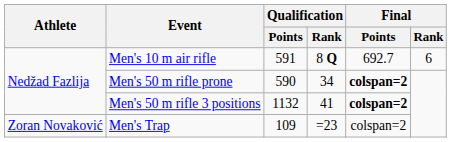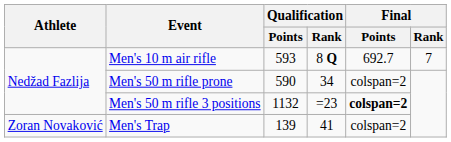 <table class="wikitable" style="font-size:90%">
 <tr>
 <th rowspan="2">Athlete</th>
 <th rowspan="2">Event</th>
 <th colspan=2>Qualification</th>
 <th colspan=2>Final</th>
 </tr>
 <tr style="font-size:95%">
 <th>Points</th>
 <th>Rank</th>
 <th>Points</th>
 <th>Rank</th>
 </tr>
 <tr align=center>
 <td align=left rowspan=3><a href='#'>Nedžad Fazlija</a></td>
 <td align=left><a href='#'>Men's 10 m air rifle</a></td>
-<td>591</td>
+<td>593</td>
 <td>8 <strong>Q</strong></td>
 <td>692.7</td>
-<td>6</td>
+<td>7</td>
 </tr>
 <tr align=center>
 <td align=left><a href='#'>Men's 50 m rifle prone</a></td>
 <td>590</td>
 <td>34</td>
-<td><strong>colspan=2 </strong></td>
+<td>colspan=2 </td>
 </tr>
 <tr align=center>
 <td align=left><a href='#'>Men's 50 m rifle 3 positions</a></td>
 <td>1132</td>
-<td>41</td>
+<td>=23</td>
 <td><strong>colspan=2 </strong></td>
 </tr>
 <tr align=center>
 <td align=left><a href='#'>Zoran Novaković</a></td>
 <td align=left><a href='#'>Men's Trap</a></td>
-<td>109</td>
-<td>=23</td>
+<td>139</td>
+<td>41</td>
 <td>colspan=2 </td>
 </tr>
 </table>
